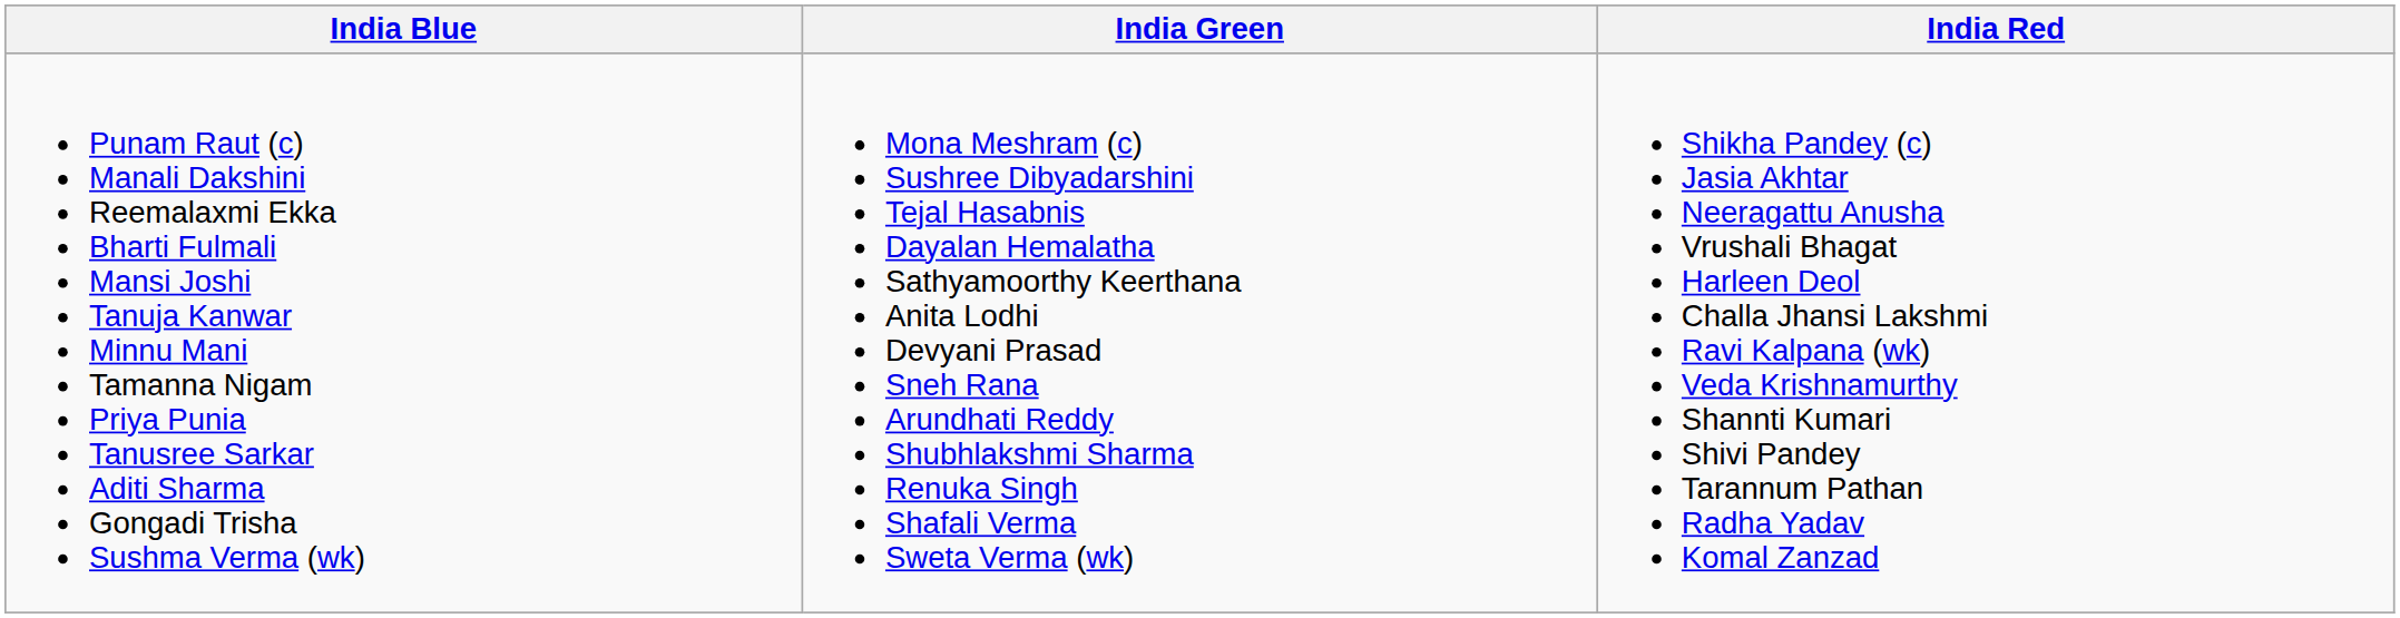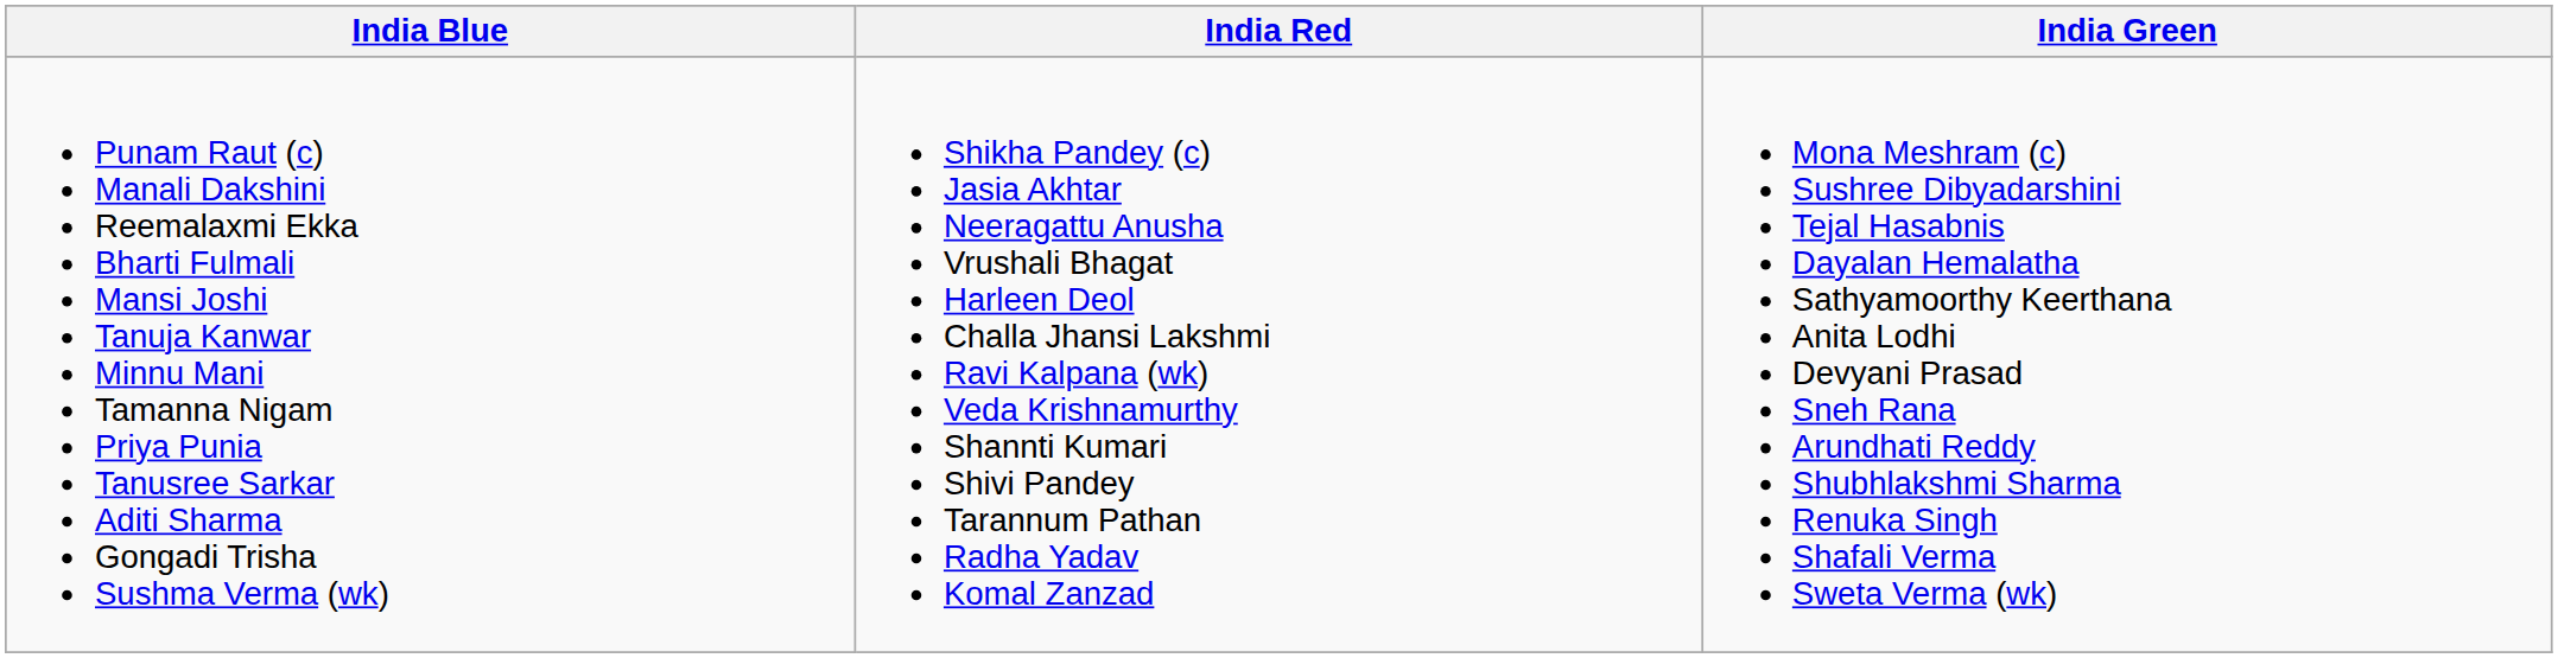 <table class="wikitable">
 <tr>
 <th style="width:15%;"><a href='#'>India Blue</a></th>
+<th style="width:15%;"><a href='#'>India Red</a></th>
 <th style="width:15%;"><a href='#'>India Green</a></th>
-<th style="width:15%;"><a href='#'>India Red</a></th>
 </tr>
 <tr style="vertical-align:top">
 <td><br><ul><li><a href='#'>Punam Raut</a> (<a href='#'>c</a>)</li><li><a href='#'>Manali Dakshini</a></li><li>Reemalaxmi Ekka</li><li><a href='#'>Bharti Fulmali</a></li><li><a href='#'>Mansi Joshi</a></li><li><a href='#'>Tanuja Kanwar</a></li><li><a href='#'>Minnu Mani</a></li><li>Tamanna Nigam</li><li><a href='#'>Priya Punia</a></li><li><a href='#'>Tanusree Sarkar</a></li><li><a href='#'>Aditi Sharma</a></li><li>Gongadi Trisha</li><li><a href='#'>Sushma Verma</a> (<a href='#'>wk</a>)</li></ul></td>
+<td><br><ul><li><a href='#'>Shikha Pandey</a> (<a href='#'>c</a>)</li><li><a href='#'>Jasia Akhtar</a></li><li><a href='#'>Neeragattu Anusha</a></li><li>Vrushali Bhagat</li><li><a href='#'>Harleen Deol</a></li><li>Challa Jhansi Lakshmi</li><li><a href='#'>Ravi Kalpana</a> (<a href='#'>wk</a>)</li><li><a href='#'>Veda Krishnamurthy</a></li><li>Shannti Kumari</li><li>Shivi Pandey</li><li>Tarannum Pathan</li><li><a href='#'>Radha Yadav</a></li><li><a href='#'>Komal Zanzad</a></li></ul></td>
 <td><br><ul><li><a href='#'>Mona Meshram</a> (<a href='#'>c</a>)</li><li><a href='#'>Sushree Dibyadarshini</a></li><li><a href='#'>Tejal Hasabnis</a></li><li><a href='#'>Dayalan Hemalatha</a></li><li>Sathyamoorthy Keerthana</li><li>Anita Lodhi</li><li>Devyani Prasad</li><li><a href='#'>Sneh Rana</a></li><li><a href='#'>Arundhati Reddy</a></li><li><a href='#'>Shubhlakshmi Sharma</a></li><li><a href='#'>Renuka Singh</a></li><li><a href='#'>Shafali Verma</a></li><li><a href='#'>Sweta Verma</a> (<a href='#'>wk</a>)</li></ul></td>
-<td><br><ul><li><a href='#'>Shikha Pandey</a> (<a href='#'>c</a>)</li><li><a href='#'>Jasia Akhtar</a></li><li><a href='#'>Neeragattu Anusha</a></li><li>Vrushali Bhagat</li><li><a href='#'>Harleen Deol</a></li><li>Challa Jhansi Lakshmi</li><li><a href='#'>Ravi Kalpana</a> (<a href='#'>wk</a>)</li><li><a href='#'>Veda Krishnamurthy</a></li><li>Shannti Kumari</li><li>Shivi Pandey</li><li>Tarannum Pathan</li><li><a href='#'>Radha Yadav</a></li><li><a href='#'>Komal Zanzad</a></li></ul></td>
 </tr>
 </table>
